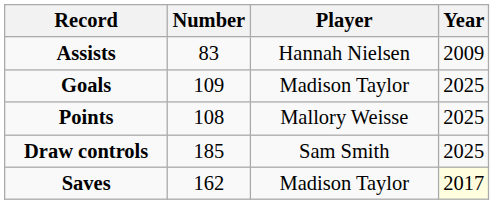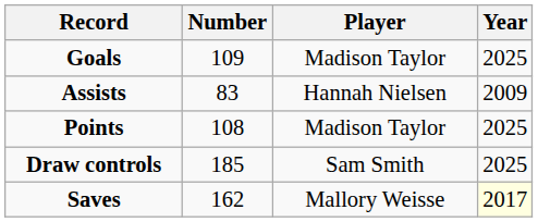 <table class="wikitable">
 <tr>
 <th style="width:120px; ">Record</th>
 <th style="width:35px; ">Number</th>
 <th style="width:140px; ">Player</th>
 <th style="width:30px; ">Year</th>
 </tr>
 <tr style="text-align:center;">
+<td><strong>Goals</strong></td>
+<td>109</td>
+<td>Madison Taylor</td>
+<td>2025</td>
+</tr>
+<tr style="text-align:center;">
 <td><strong>Assists</strong></td>
 <td>83</td>
 <td>Hannah Nielsen</td>
 <td>2009</td>
 </tr>
 <tr style="text-align:center;">
-<td><strong>Goals</strong></td>
-<td>109</td>
-<td>Madison Taylor</td>
-<td>2025</td>
-</tr>
-<tr style="text-align:center;">
 <td><strong>Points</strong></td>
 <td>108</td>
-<td>Mallory Weisse</td>
+<td>Madison Taylor</td>
 <td>2025</td>
 </tr>
 <tr style="text-align:center;">
 <td><strong>Draw controls</strong></td>
 <td>185</td>
 <td>Sam Smith</td>
 <td>2025</td>
 </tr>
 <tr style="text-align:center;">
 <td><strong>Saves</strong></td>
 <td>162</td>
-<td>Madison Taylor</td>
+<td>Mallory Weisse</td>
 <td style="background: lightyellow;">2017</td>
 </tr>
 </table>
